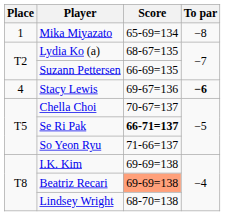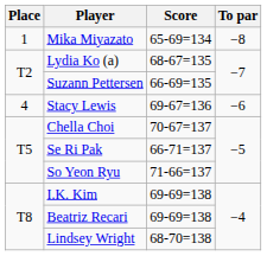 <table class="wikitable">
 <tr>
 <th>Place</th>
 <th>Player</th>
 <th>Score</th>
 <th>To par</th>
 </tr>
 <tr>
 <td align=center>1</td>
 <td> <a href='#'>Mika Miyazato</a></td>
 <td>65-69=134</td>
 <td align=center>−8</td>
 </tr>
 <tr>
 <td align=center rowspan=2>T2</td>
 <td> <a href='#'>Lydia Ko</a> (a)</td>
 <td>68-67=135</td>
 <td align=center rowspan=2>−7</td>
 </tr>
 <tr>
 <td> <a href='#'>Suzann Pettersen</a></td>
 <td>66-69=135</td>
 </tr>
 <tr>
 <td align=center>4</td>
 <td> <a href='#'>Stacy Lewis</a></td>
 <td>69-67=136</td>
-<td align=center><strong>−6</strong></td>
+<td align=center>−6</td>
 </tr>
 <tr>
 <td align=center rowspan=3>T5</td>
 <td> <a href='#'>Chella Choi</a></td>
 <td>70-67=137</td>
 <td align=center rowspan=3>−5</td>
 </tr>
 <tr>
 <td> <a href='#'>Se Ri Pak</a></td>
-<td><strong>66-71=137</strong></td>
+<td>66-71=137</td>
 </tr>
 <tr>
 <td> <a href='#'>So Yeon Ryu</a></td>
 <td>71-66=137</td>
 </tr>
 <tr>
 <td align=center rowspan=3>T8</td>
 <td> <a href='#'>I.K. Kim</a></td>
 <td>69-69=138</td>
 <td align=center rowspan=3>−4</td>
 </tr>
 <tr>
 <td> <a href='#'>Beatriz Recari</a></td>
-<td style="background: lightsalmon;">69-69=138</td>
+<td>69-69=138</td>
 </tr>
 <tr>
 <td> <a href='#'>Lindsey Wright</a></td>
 <td>68-70=138</td>
 </tr>
 </table>
